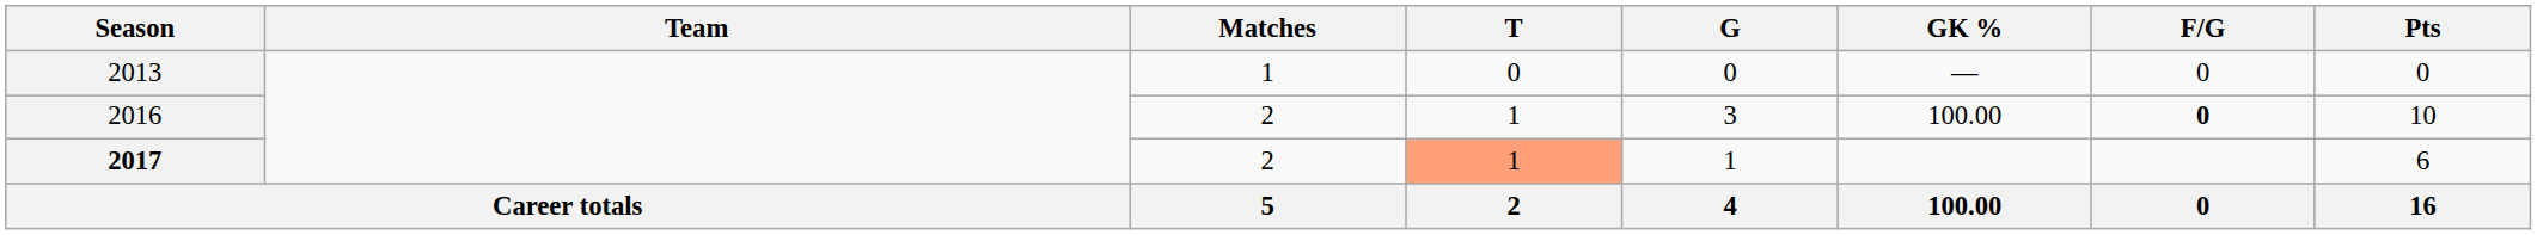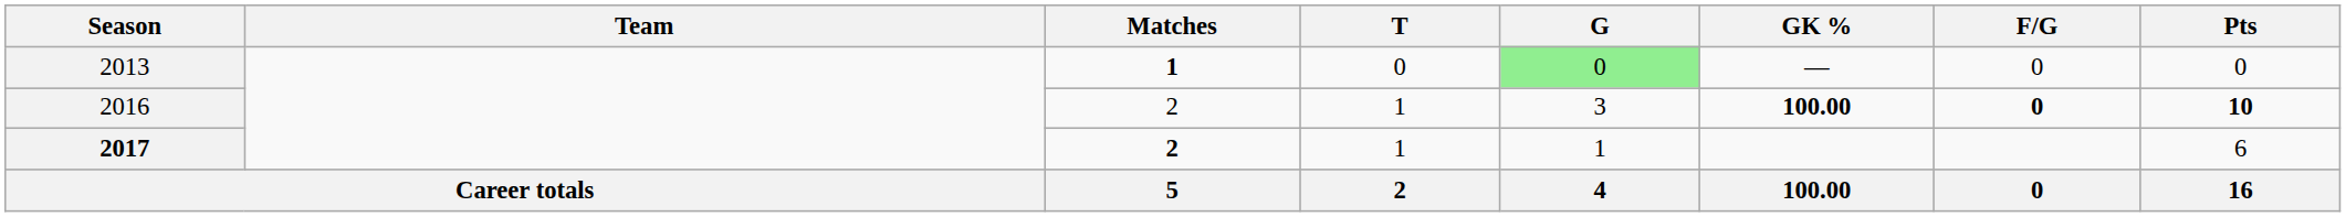 <table class="wikitable sortable"  style="font-size:90%; text-align:center; width:85%;">
 <tr>
 <th width=2%>Season</th>
 <th width=8%>Team</th>
 <th width=2%>Matches</th>
 <th width=2%>T</th>
 <th width=2%>G</th>
 <th width=2%>GK %</th>
 <th width=2%>F/G</th>
 <th width=2%>Pts</th>
 </tr>
 <tr>
 <th scope="row" style="text-align:center; font-weight:normal">2013</th>
 <td rowspan="3" style="text-align:center;"></td>
-<td>1</td>
+<td><strong>1</strong></td>
 <td>0</td>
-<td>0</td>
+<td style="background: lightgreen;">0</td>
 <td>—</td>
 <td>0</td>
 <td>0</td>
 </tr>
 <tr>
 <th scope="row" style="text-align:center; font-weight:normal">2016</th>
 <td>2</td>
 <td>1</td>
 <td>3</td>
-<td>100.00</td>
+<td><strong>100.00</strong></td>
 <td><strong>0</strong></td>
-<td>10</td>
+<td><strong>10</strong></td>
 </tr>
 <tr>
 <th>2017</th>
-<td>2</td>
-<td style="background: lightsalmon;">1</td>
+<td><strong>2</strong></td>
+<td>1</td>
 <td>1</td>
 <td></td>
 <td></td>
 <td>6</td>
 </tr>
 <tr class="sortbottom">
 <th colspan="2">Career totals</th>
 <th>5</th>
 <th>2</th>
 <th>4</th>
 <th>100.00</th>
 <th>0</th>
 <th>16</th>
 </tr>
 </table>
